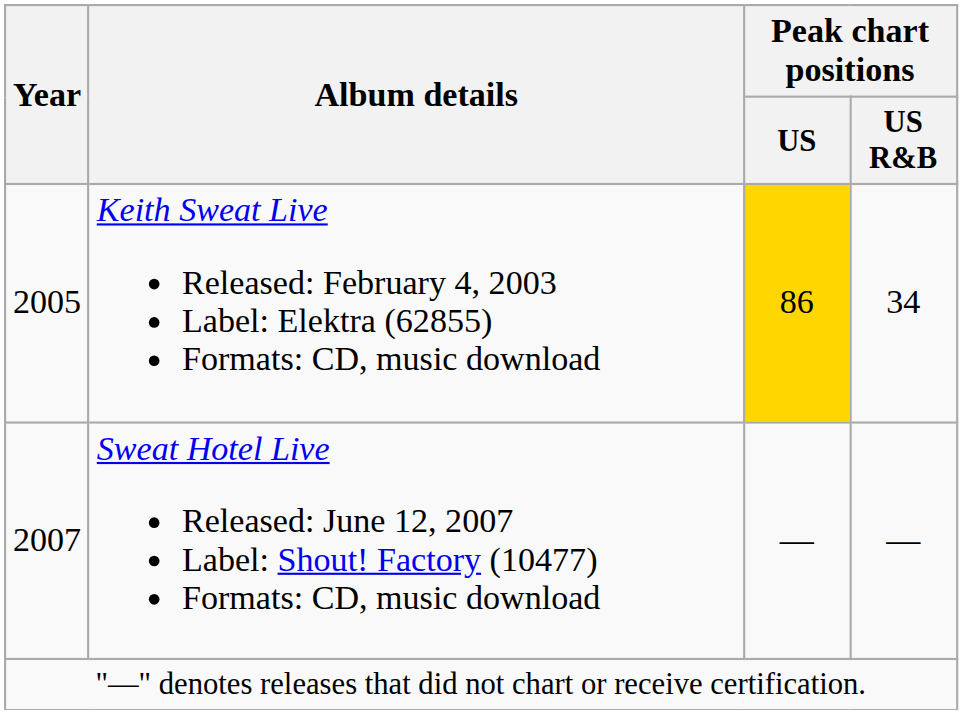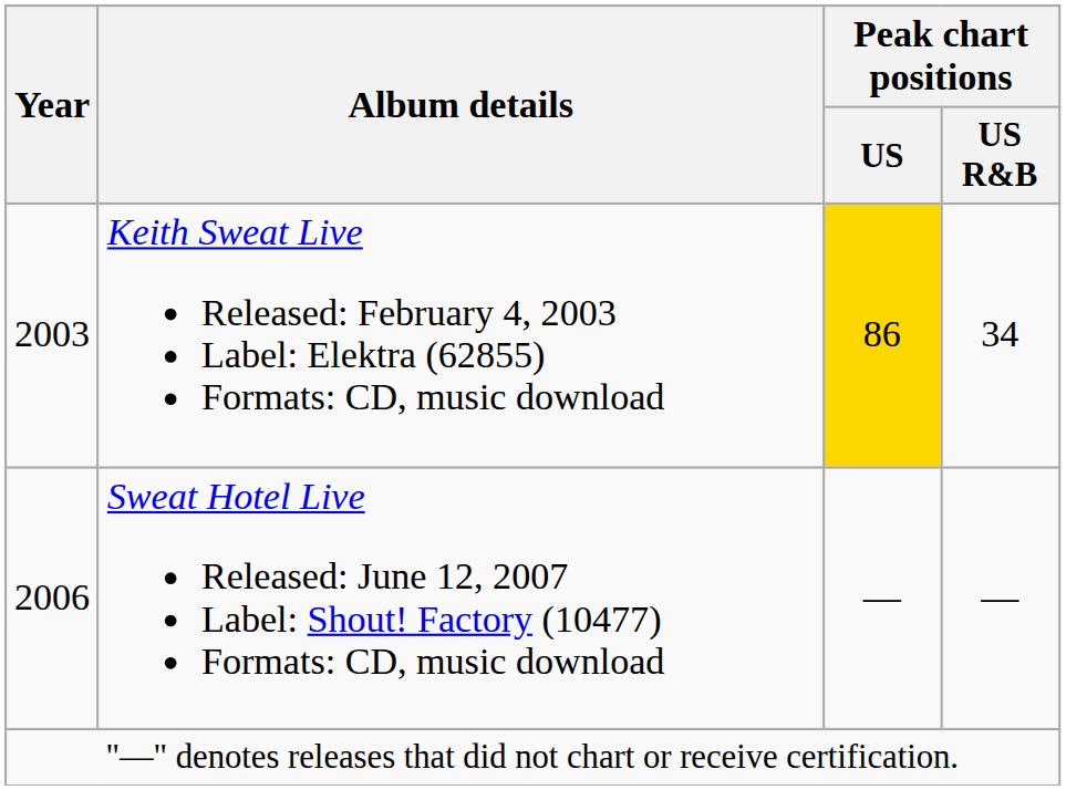 <table class="wikitable plainrowheaders" style="text-align:center;">
 <tr>
 <th scope="col" rowspan="2">Year</th>
 <th scope="col" rowspan="2" style="width:300px;">Album details</th>
 <th scope="col" colspan="2">Peak chart positions</th>
 </tr>
 <tr>
 <th scope="col" style="width:3em;font-size:90%;">US<br></th>
 <th scope="col" style="width:3em;font-size:90%;">US R&B<br></th>
 </tr>
 <tr>
-<td>2005</td>
+<td>2003</td>
 <td style="text-align:left;"><em><a href='#'>Keith Sweat Live</a></em><br><ul><li>Released: February 4, 2003</li><li>Label: Elektra (62855)</li><li>Formats: CD, music download</li></ul></td>
 <td style="background: gold;">86</td>
 <td>34</td>
 </tr>
 <tr>
-<td>2007</td>
+<td>2006</td>
 <td style="text-align:left;"><em><a href='#'>Sweat Hotel Live</a></em><br><ul><li>Released: June 12, 2007</li><li>Label: <a href='#'>Shout! Factory</a> (10477)</li><li>Formats: CD, music download</li></ul></td>
 <td>—</td>
 <td>—</td>
 </tr>
 <tr>
 <td colspan="6" style="font-size:90%">"—" denotes releases that did not chart or receive certification.</td>
 </tr>
 </table>
